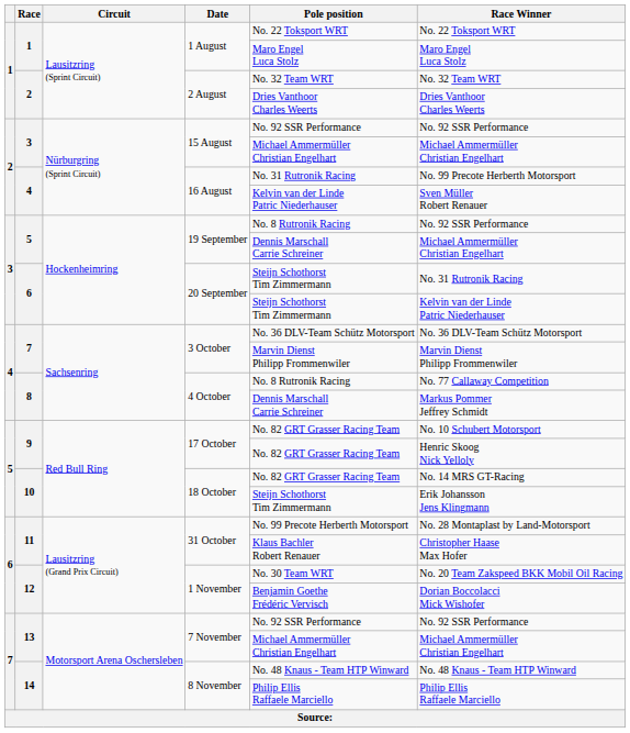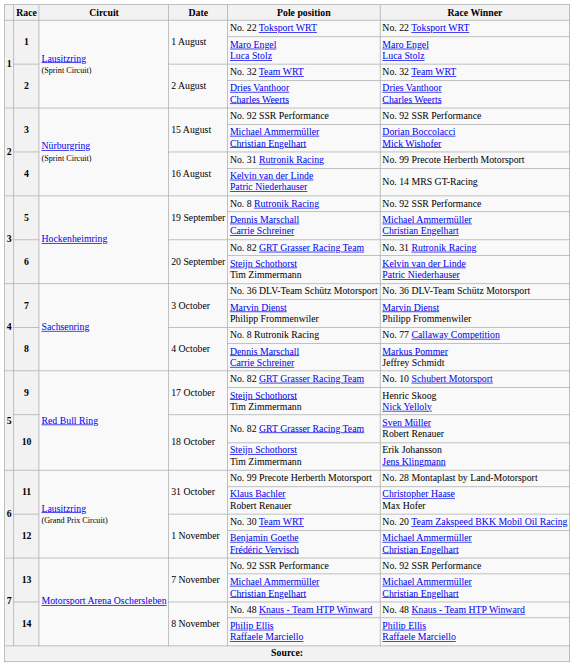 <table class="wikitable" style="font-size: 85%;">
 <tr>
 <th></th>
 <th>Race</th>
 <th>Circuit</th>
 <th>Date</th>
 <th>Pole position</th>
 <th>Race Winner</th>
 </tr>
 <tr>
 <th rowspan="4">1</th>
 <th rowspan="2">1</th>
 <td rowspan="4"> <a href='#'>Lausitzring</a> <br><small>(Sprint Circuit)</small></td>
 <td rowspan="2">1 August</td>
 <td> No. 22 <a href='#'>Toksport WRT</a></td>
 <td> No. 22 <a href='#'>Toksport WRT</a></td>
 </tr>
 <tr>
 <td> <a href='#'>Maro Engel</a><br> <a href='#'>Luca Stolz</a></td>
 <td> <a href='#'>Maro Engel</a><br> <a href='#'>Luca Stolz</a></td>
 </tr>
 <tr>
 <th rowspan="2">2</th>
 <td rowspan="2">2 August</td>
 <td> No. 32 <a href='#'>Team WRT</a></td>
 <td> No. 32 <a href='#'>Team WRT</a></td>
 </tr>
 <tr>
 <td> <a href='#'>Dries Vanthoor</a><br> <a href='#'>Charles Weerts</a></td>
 <td> <a href='#'>Dries Vanthoor</a><br> <a href='#'>Charles Weerts</a></td>
 </tr>
 <tr>
 <th rowspan="4">2</th>
 <th rowspan="2">3</th>
 <td rowspan="4"> <a href='#'>Nürburgring</a> <br><small>(Sprint Circuit)</small></td>
 <td rowspan="2">15 August</td>
 <td> No. 92 SSR Performance</td>
 <td> No. 92 SSR Performance</td>
 </tr>
 <tr>
 <td> <a href='#'>Michael Ammermüller</a><br> <a href='#'>Christian Engelhart</a></td>
-<td> <a href='#'>Michael Ammermüller</a><br> <a href='#'>Christian Engelhart</a></td>
+<td> <a href='#'>Dorian Boccolacci</a><br> <a href='#'>Mick Wishofer</a></td>
 </tr>
 <tr>
 <th rowspan="2">4</th>
 <td rowspan="2">16 August</td>
 <td> No. 31 <a href='#'>Rutronik Racing</a></td>
 <td> No. 99 Precote Herberth Motorsport</td>
 </tr>
 <tr>
 <td> <a href='#'>Kelvin van der Linde</a><br> <a href='#'>Patric Niederhauser</a></td>
-<td> <a href='#'>Sven Müller</a><br> Robert Renauer</td>
+<td> No. 14 MRS GT-Racing</td>
 </tr>
 <tr>
 <th rowspan="4">3</th>
 <th rowspan="2">5</th>
 <td rowspan="4"> <a href='#'>Hockenheimring</a></td>
 <td rowspan="2">19 September</td>
 <td> No. 8 <a href='#'>Rutronik Racing</a></td>
 <td> No. 92 SSR Performance</td>
 </tr>
 <tr>
 <td> <a href='#'>Dennis Marschall</a><br> <a href='#'>Carrie Schreiner</a></td>
 <td> <a href='#'>Michael Ammermüller</a><br> <a href='#'>Christian Engelhart</a></td>
 </tr>
 <tr>
 <th rowspan="2">6</th>
 <td rowspan="2">20 September</td>
-<td> <a href='#'>Steijn Schothorst</a><br> Tim Zimmermann</td>
+<td> No. 82 <a href='#'>GRT Grasser Racing Team</a></td>
 <td> No. 31 <a href='#'>Rutronik Racing</a></td>
 </tr>
 <tr>
 <td> <a href='#'>Steijn Schothorst</a><br> Tim Zimmermann</td>
 <td> <a href='#'>Kelvin van der Linde</a><br> <a href='#'>Patric Niederhauser</a></td>
 </tr>
 <tr>
 <th rowspan="4">4</th>
 <th rowspan="2">7</th>
 <td rowspan="4"> <a href='#'>Sachsenring</a></td>
 <td rowspan="2">3 October</td>
 <td> No. 36 DLV-Team Schütz Motorsport</td>
 <td> No. 36 DLV-Team Schütz Motorsport</td>
 </tr>
 <tr>
 <td> <a href='#'>Marvin Dienst</a><br> Philipp Frommenwiler</td>
 <td> <a href='#'>Marvin Dienst</a><br> Philipp Frommenwiler</td>
 </tr>
 <tr>
 <th rowspan="2">8</th>
 <td rowspan="2">4 October</td>
 <td> No. 8 Rutronik Racing</td>
 <td> No. 77 <a href='#'>Callaway Competition</a></td>
 </tr>
 <tr>
 <td> <a href='#'>Dennis Marschall</a><br> <a href='#'>Carrie Schreiner</a></td>
 <td> <a href='#'>Markus Pommer</a><br> Jeffrey Schmidt</td>
 </tr>
 <tr>
 <th rowspan="4">5</th>
 <th rowspan="2">9</th>
 <td rowspan="4"> <a href='#'>Red Bull Ring</a></td>
 <td rowspan="2">17 October</td>
 <td> No. 82 <a href='#'>GRT Grasser Racing Team</a></td>
 <td> No. 10 <a href='#'>Schubert Motorsport</a></td>
 </tr>
 <tr>
-<td> No. 82 <a href='#'>GRT Grasser Racing Team</a></td>
+<td> <a href='#'>Steijn Schothorst</a><br> Tim Zimmermann</td>
 <td> Henric Skoog<br> <a href='#'>Nick Yelloly</a></td>
 </tr>
 <tr>
 <th rowspan="2">10</th>
 <td rowspan="2">18 October</td>
 <td> No. 82 <a href='#'>GRT Grasser Racing Team</a></td>
-<td> No. 14 MRS GT-Racing</td>
+<td> <a href='#'>Sven Müller</a><br> Robert Renauer</td>
 </tr>
 <tr>
 <td> <a href='#'>Steijn Schothorst</a><br> Tim Zimmermann</td>
 <td> Erik Johansson<br> <a href='#'>Jens Klingmann</a></td>
 </tr>
 <tr>
 <th rowspan="4">6</th>
 <th rowspan="2">11</th>
 <td rowspan="4"> <a href='#'>Lausitzring</a> <br><small>(Grand Prix Circuit)</small></td>
 <td rowspan="2">31 October</td>
 <td> No. 99 Precote Herberth Motorsport</td>
 <td> No. 28 Montaplast by Land-Motorsport</td>
 </tr>
 <tr>
 <td> <a href='#'>Klaus Bachler</a><br> Robert Renauer</td>
 <td> <a href='#'>Christopher Haase</a><br> Max Hofer</td>
 </tr>
 <tr>
 <th rowspan=2>12</th>
 <td rowspan=2>1 November</td>
 <td> No. 30 <a href='#'>Team WRT</a></td>
 <td> No. 20 <a href='#'>Team Zakspeed BKK Mobil Oil Racing</a></td>
 </tr>
 <tr>
 <td> <a href='#'>Benjamin Goethe</a><br> <a href='#'>Frédéric Vervisch</a></td>
-<td> <a href='#'>Dorian Boccolacci</a><br> <a href='#'>Mick Wishofer</a></td>
+<td> <a href='#'>Michael Ammermüller</a><br> <a href='#'>Christian Engelhart</a></td>
 </tr>
 <tr>
 <th rowspan="4">7</th>
 <th rowspan="2">13</th>
 <td rowspan="4"> <a href='#'>Motorsport Arena Oschersleben</a></td>
 <td rowspan="2">7 November</td>
 <td> No. 92 SSR Performance</td>
 <td> No. 92 SSR Performance</td>
 </tr>
 <tr>
 <td> <a href='#'>Michael Ammermüller</a><br> <a href='#'>Christian Engelhart</a></td>
 <td> <a href='#'>Michael Ammermüller</a><br> <a href='#'>Christian Engelhart</a></td>
 </tr>
 <tr>
 <th rowspan="2">14</th>
 <td rowspan="2">8 November</td>
 <td> No. 48 <a href='#'>Knaus - Team HTP Winward</a></td>
 <td> No. 48 <a href='#'>Knaus - Team HTP Winward</a></td>
 </tr>
 <tr>
 <td> <a href='#'>Philip Ellis</a><br> <a href='#'>Raffaele Marciello</a></td>
 <td> <a href='#'>Philip Ellis</a><br> <a href='#'>Raffaele Marciello</a></td>
 </tr>
 <tr>
 <th colspan=6>Source:</th>
 </tr>
 </table>
